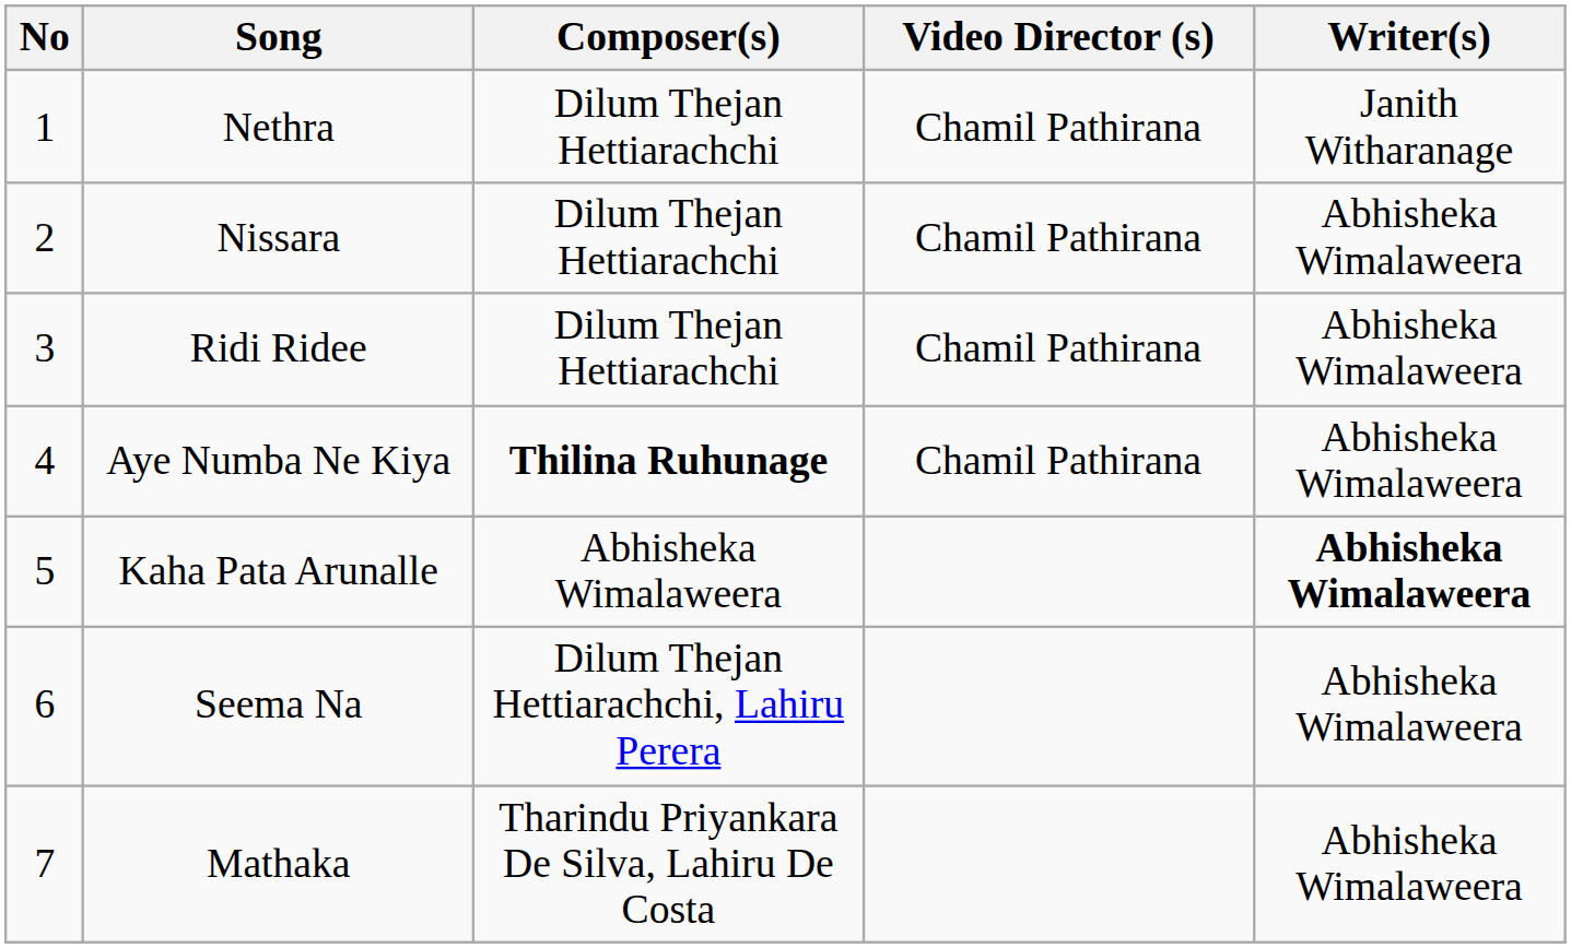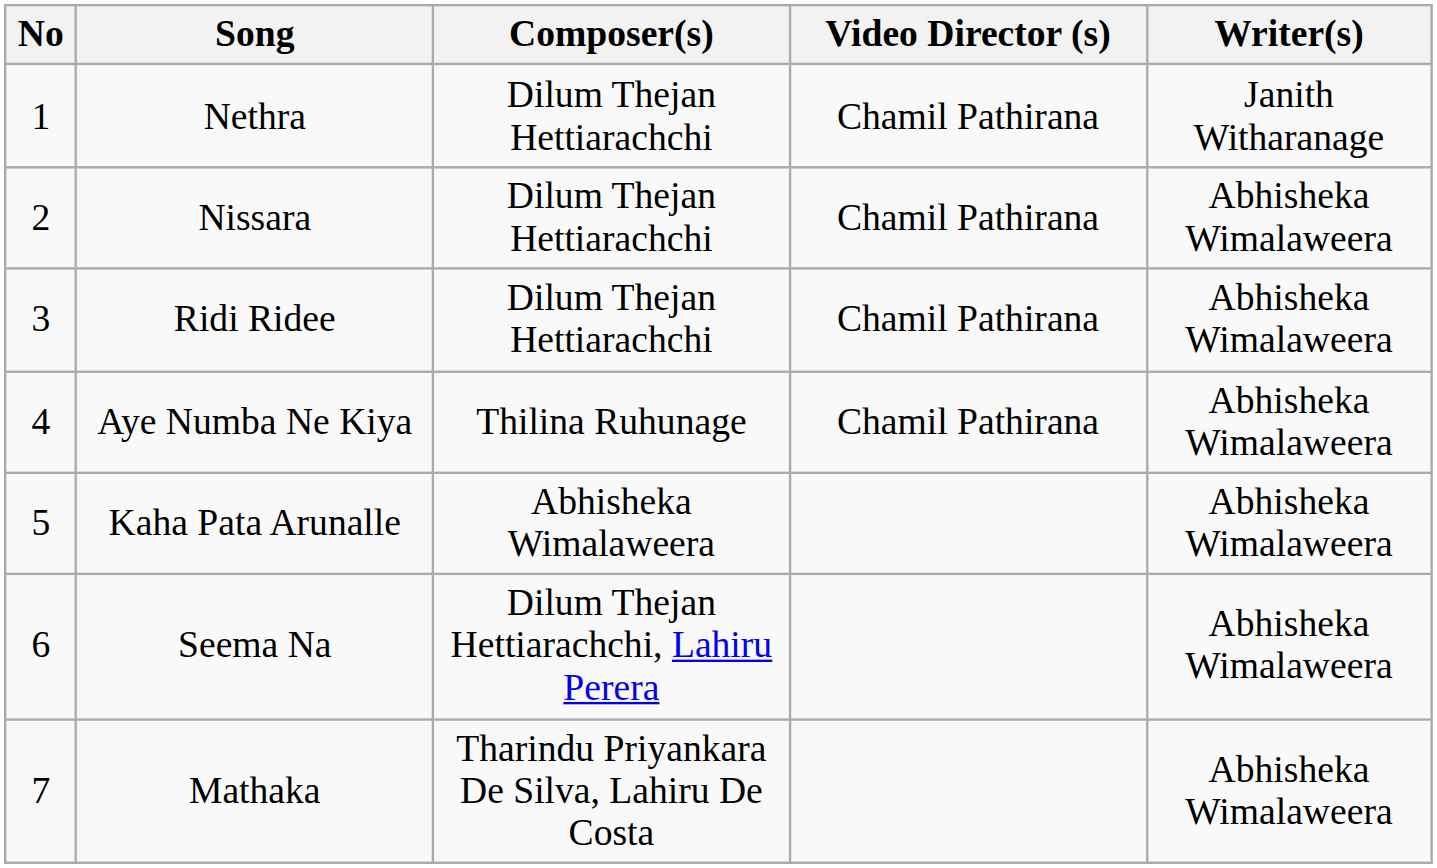 <table class="wikitable">
 <tr>
 <th width=5%>No</th>
 <th style="width:25%;">Song</th>
 <th style="width:25%;">Composer(s)</th>
 <th style="width:25%;">Video Director (s)</th>
 <th style="width:25%;">Writer(s)</th>
 </tr>
 <tr>
 <td style="text-align:center;">1</td>
 <td style="text-align:center;">Nethra</td>
 <td style="text-align:center;">Dilum Thejan Hettiarachchi</td>
 <td style="text-align:center;">Chamil Pathirana</td>
 <td style="text-align:center;">Janith Witharanage</td>
 </tr>
 <tr>
 <td style="text-align:center;">2</td>
 <td style="text-align:center;">Nissara</td>
 <td style="text-align:center;">Dilum Thejan Hettiarachchi</td>
 <td style="text-align:center;">Chamil Pathirana</td>
 <td style="text-align:center;">Abhisheka Wimalaweera</td>
 </tr>
 <tr>
 <td style="text-align:center;">3</td>
 <td style="text-align:center;">Ridi Ridee</td>
 <td style="text-align:center;">Dilum Thejan Hettiarachchi</td>
 <td style="text-align:center;">Chamil Pathirana</td>
 <td style="text-align:center;">Abhisheka Wimalaweera</td>
 </tr>
 <tr>
 <td style="text-align:center;">4</td>
 <td style="text-align:center;">Aye Numba Ne Kiya</td>
-<td style="text-align:center;"><strong>Thilina Ruhunage</strong></td>
+<td style="text-align:center;">Thilina Ruhunage</td>
 <td style="text-align:center;">Chamil Pathirana</td>
 <td style="text-align:center;">Abhisheka Wimalaweera</td>
 </tr>
 <tr>
 <td style="text-align:center;">5</td>
 <td style="text-align:center;">Kaha Pata Arunalle</td>
 <td style="text-align:center;">Abhisheka Wimalaweera</td>
 <td></td>
-<td style="text-align:center;"><strong>Abhisheka Wimalaweera</strong></td>
+<td style="text-align:center;">Abhisheka Wimalaweera</td>
 </tr>
 <tr>
 <td style="text-align:center;">6</td>
 <td style="text-align:center;">Seema Na</td>
 <td style="text-align:center;">Dilum Thejan Hettiarachchi, <a href='#'>Lahiru Perera</a></td>
 <td></td>
 <td style="text-align:center;">Abhisheka Wimalaweera</td>
 </tr>
 <tr>
 <td style="text-align:center;">7</td>
 <td style="text-align:center;">Mathaka</td>
 <td style="text-align:center;">Tharindu Priyankara De Silva, Lahiru De Costa</td>
 <td></td>
 <td style="text-align:center;">Abhisheka Wimalaweera</td>
 </tr>
 <tr>
 </tr>
 </table>
